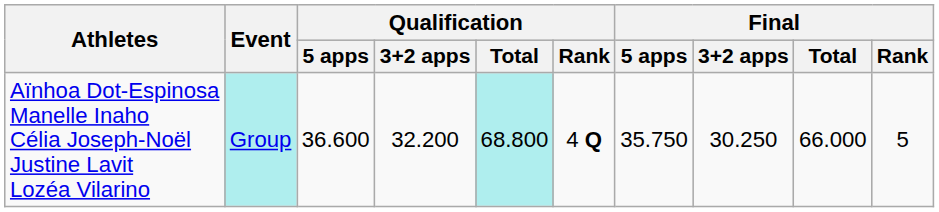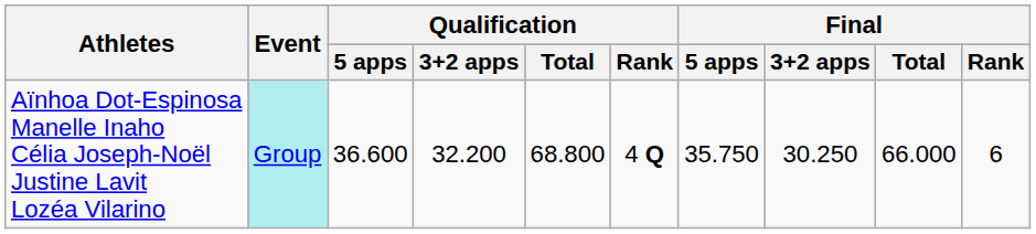 <table class="wikitable" style="font-size:90%">
 <tr>
 <th rowspan="2">Athletes</th>
 <th rowspan="2">Event</th>
 <th colspan="4">Qualification</th>
 <th colspan="4">Final</th>
 </tr>
 <tr style="font-size:95%">
 <th>5 apps</th>
 <th>3+2 apps</th>
 <th>Total</th>
 <th>Rank</th>
 <th>5 apps</th>
 <th>3+2 apps</th>
 <th>Total</th>
 <th>Rank</th>
 </tr>
 <tr align=center>
 <td align=left><a href='#'>Aïnhoa Dot-Espinosa</a><br><a href='#'>Manelle Inaho</a><br><a href='#'>Célia Joseph-Noël</a><br><a href='#'>Justine Lavit</a><br><a href='#'>Lozéa Vilarino</a></td>
 <td align=left style="background: paleturquoise;"><a href='#'>Group</a></td>
 <td>36.600</td>
 <td>32.200</td>
-<td style="background: paleturquoise;">68.800</td>
+<td>68.800</td>
 <td>4 <strong>Q</strong></td>
 <td>35.750</td>
 <td>30.250</td>
 <td>66.000</td>
-<td>5</td>
+<td>6</td>
 </tr>
 </table>
